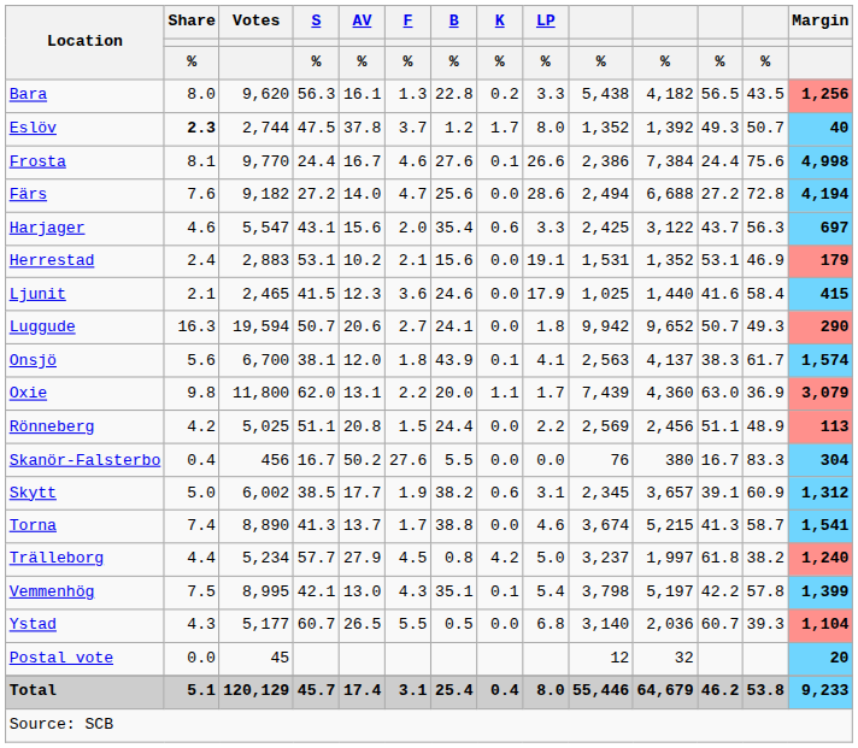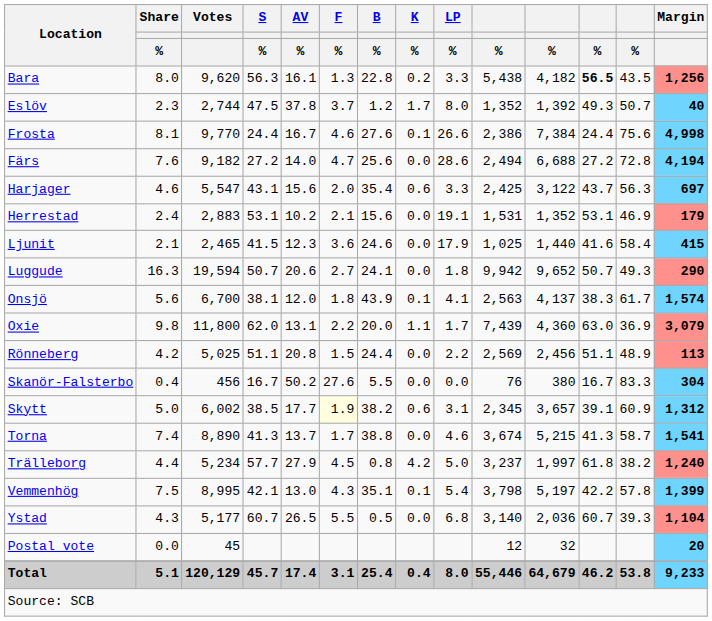 <table class="wikitable sortable" style="text-align:right; font-size:95%; line-height:20px;">
 <tr>
 <th rowspan="3">Location</th>
 <th>Share</th>
 <th>Votes</th>
 <th width="30px" class="unsortable"><a href='#'>S</a></th>
 <th width="30px" class="unsortable"><a href='#'>AV</a></th>
 <th width="30px" class="unsortable"><a href='#'>F</a></th>
 <th width="30px" class="unsortable"><a href='#'>B</a></th>
 <th width="30px" class="unsortable"><a href='#'>K</a></th>
 <th width="30px" class="unsortable"><a href='#'>LP</a></th>
 <th></th>
 <th></th>
 <th></th>
 <th></th>
 <th>Margin</th>
 </tr>
 <tr>
 <th></th>
 <th></th>
 <th style="background:"></th>
 <th style="background:"></th>
 <th style="background:"></th>
 <th style="background:"></th>
 <th style="background:"></th>
 <th style="background:"></th>
 <th style="background:"></th>
 <th style="background:"></th>
 <th style="background:"></th>
 <th style="background:"></th>
 <th></th>
 </tr>
 <tr>
 <th data-sort-type="number">%</th>
 <th></th>
 <th data-sort-type="number">%</th>
 <th data-sort-type="number">%</th>
 <th data-sort-type="number">%</th>
 <th data-sort-type="number">%</th>
 <th data-sort-type="number">%</th>
 <th data-sort-type="number">%</th>
 <th data-sort-type="number">%</th>
 <th data-sort-type="number">%</th>
 <th data-sort-type="number">%</th>
 <th data-sort-type="number">%</th>
 <th></th>
 </tr>
 <tr>
 <td align=left><a href='#'>Bara</a></td>
 <td>8.0</td>
 <td>9,620</td>
 <td>56.3</td>
 <td>16.1</td>
 <td>1.3</td>
 <td>22.8</td>
 <td>0.2</td>
 <td>3.3</td>
 <td>5,438</td>
 <td>4,182</td>
-<td>56.5</td>
+<td><strong>56.5</strong></td>
 <td>43.5</td>
 <td bgcolor=#ff908c><strong>1,256</strong></td>
 </tr>
 <tr>
 <td align=left><a href='#'>Eslöv</a></td>
-<td><strong>2.3</strong></td>
+<td>2.3</td>
 <td>2,744</td>
 <td>47.5</td>
 <td>37.8</td>
 <td>3.7</td>
 <td>1.2</td>
 <td>1.7</td>
 <td>8.0</td>
 <td>1,352</td>
 <td>1,392</td>
 <td>49.3</td>
 <td>50.7</td>
 <td bgcolor=#6fd5fe><strong>40</strong></td>
 </tr>
 <tr>
 <td align=left><a href='#'>Frosta</a></td>
 <td>8.1</td>
 <td>9,770</td>
 <td>24.4</td>
 <td>16.7</td>
 <td>4.6</td>
 <td>27.6</td>
 <td>0.1</td>
 <td>26.6</td>
 <td>2,386</td>
 <td>7,384</td>
 <td>24.4</td>
 <td>75.6</td>
 <td bgcolor=#6fd5fe><strong>4,998</strong></td>
 </tr>
 <tr>
 <td align=left><a href='#'>Färs</a></td>
 <td>7.6</td>
 <td>9,182</td>
 <td>27.2</td>
 <td>14.0</td>
 <td>4.7</td>
 <td>25.6</td>
 <td>0.0</td>
 <td>28.6</td>
 <td>2,494</td>
 <td>6,688</td>
 <td>27.2</td>
 <td>72.8</td>
 <td bgcolor=#6fd5fe><strong>4,194</strong></td>
 </tr>
 <tr>
 <td align=left><a href='#'>Harjager</a></td>
 <td>4.6</td>
 <td>5,547</td>
 <td>43.1</td>
 <td>15.6</td>
 <td>2.0</td>
 <td>35.4</td>
 <td>0.6</td>
 <td>3.3</td>
 <td>2,425</td>
 <td>3,122</td>
 <td>43.7</td>
 <td>56.3</td>
 <td bgcolor=#6fd5fe><strong>697</strong></td>
 </tr>
 <tr>
 <td align=left><a href='#'>Herrestad</a></td>
 <td>2.4</td>
 <td>2,883</td>
 <td>53.1</td>
 <td>10.2</td>
 <td>2.1</td>
 <td>15.6</td>
 <td>0.0</td>
 <td>19.1</td>
 <td>1,531</td>
 <td>1,352</td>
 <td>53.1</td>
 <td>46.9</td>
 <td bgcolor=#ff908c><strong>179</strong></td>
 </tr>
 <tr>
 <td align=left><a href='#'>Ljunit</a></td>
 <td>2.1</td>
 <td>2,465</td>
 <td>41.5</td>
 <td>12.3</td>
 <td>3.6</td>
 <td>24.6</td>
 <td>0.0</td>
 <td>17.9</td>
 <td>1,025</td>
 <td>1,440</td>
 <td>41.6</td>
 <td>58.4</td>
 <td bgcolor=#6fd5fe><strong>415</strong></td>
 </tr>
 <tr>
 <td align=left><a href='#'>Luggude</a></td>
 <td>16.3</td>
 <td>19,594</td>
 <td>50.7</td>
 <td>20.6</td>
 <td>2.7</td>
 <td>24.1</td>
 <td>0.0</td>
 <td>1.8</td>
 <td>9,942</td>
 <td>9,652</td>
 <td>50.7</td>
 <td>49.3</td>
 <td bgcolor=#ff908c><strong>290</strong></td>
 </tr>
 <tr>
 <td align=left><a href='#'>Onsjö</a></td>
 <td>5.6</td>
 <td>6,700</td>
 <td>38.1</td>
 <td>12.0</td>
 <td>1.8</td>
 <td>43.9</td>
 <td>0.1</td>
 <td>4.1</td>
 <td>2,563</td>
 <td>4,137</td>
 <td>38.3</td>
 <td>61.7</td>
 <td bgcolor=#6fd5fe><strong>1,574</strong></td>
 </tr>
 <tr>
 <td align=left><a href='#'>Oxie</a></td>
 <td>9.8</td>
 <td>11,800</td>
 <td>62.0</td>
 <td>13.1</td>
 <td>2.2</td>
 <td>20.0</td>
 <td>1.1</td>
 <td>1.7</td>
 <td>7,439</td>
 <td>4,360</td>
 <td>63.0</td>
 <td>36.9</td>
 <td bgcolor=#ff908c><strong>3,079</strong></td>
 </tr>
 <tr>
 <td align=left><a href='#'>Rönneberg</a></td>
 <td>4.2</td>
 <td>5,025</td>
 <td>51.1</td>
 <td>20.8</td>
 <td>1.5</td>
 <td>24.4</td>
 <td>0.0</td>
 <td>2.2</td>
 <td>2,569</td>
 <td>2,456</td>
 <td>51.1</td>
 <td>48.9</td>
 <td bgcolor=#ff908c><strong>113</strong></td>
 </tr>
 <tr>
 <td align=left><a href='#'>Skanör-Falsterbo</a></td>
 <td>0.4</td>
 <td>456</td>
 <td>16.7</td>
 <td>50.2</td>
 <td>27.6</td>
 <td>5.5</td>
 <td>0.0</td>
 <td>0.0</td>
 <td>76</td>
 <td>380</td>
 <td>16.7</td>
 <td>83.3</td>
 <td bgcolor=#6fd5fe><strong>304</strong></td>
 </tr>
 <tr>
 <td align=left><a href='#'>Skytt</a></td>
 <td>5.0</td>
 <td>6,002</td>
 <td>38.5</td>
 <td>17.7</td>
-<td>1.9</td>
+<td style="background: lightyellow;">1.9</td>
 <td>38.2</td>
 <td>0.6</td>
 <td>3.1</td>
 <td>2,345</td>
 <td>3,657</td>
 <td>39.1</td>
 <td>60.9</td>
 <td bgcolor=#6fd5fe><strong>1,312</strong></td>
 </tr>
 <tr>
 <td align=left><a href='#'>Torna</a></td>
 <td>7.4</td>
 <td>8,890</td>
 <td>41.3</td>
 <td>13.7</td>
 <td>1.7</td>
 <td>38.8</td>
 <td>0.0</td>
 <td>4.6</td>
 <td>3,674</td>
 <td>5,215</td>
 <td>41.3</td>
 <td>58.7</td>
 <td bgcolor=#6fd5fe><strong>1,541</strong></td>
 </tr>
 <tr>
 <td align=left><a href='#'>Trälleborg</a></td>
 <td>4.4</td>
 <td>5,234</td>
 <td>57.7</td>
 <td>27.9</td>
 <td>4.5</td>
 <td>0.8</td>
 <td>4.2</td>
 <td>5.0</td>
 <td>3,237</td>
 <td>1,997</td>
 <td>61.8</td>
 <td>38.2</td>
 <td bgcolor=#ff908c><strong>1,240</strong></td>
 </tr>
 <tr>
 <td align=left><a href='#'>Vemmenhög</a></td>
 <td>7.5</td>
 <td>8,995</td>
 <td>42.1</td>
 <td>13.0</td>
 <td>4.3</td>
 <td>35.1</td>
 <td>0.1</td>
 <td>5.4</td>
 <td>3,798</td>
 <td>5,197</td>
 <td>42.2</td>
 <td>57.8</td>
 <td bgcolor=#6fd5fe><strong>1,399</strong></td>
 </tr>
 <tr>
 <td align=left><a href='#'>Ystad</a></td>
 <td>4.3</td>
 <td>5,177</td>
 <td>60.7</td>
 <td>26.5</td>
 <td>5.5</td>
 <td>0.5</td>
 <td>0.0</td>
 <td>6.8</td>
 <td>3,140</td>
 <td>2,036</td>
 <td>60.7</td>
 <td>39.3</td>
 <td bgcolor=#ff908c><strong>1,104</strong></td>
 </tr>
 <tr>
 <td align=left><a href='#'>Postal vote</a></td>
 <td>0.0</td>
 <td>45</td>
 <td></td>
 <td></td>
 <td></td>
 <td></td>
 <td></td>
 <td></td>
 <td>12</td>
 <td>32</td>
 <td></td>
 <td></td>
 <td bgcolor=#6fd5fe><strong>20</strong></td>
 </tr>
 <tr>
 </tr>
 <tr style="background:#CDCDCD;">
 <td align=left><strong>Total</strong></td>
 <td><strong>5.1</strong></td>
 <td><strong>120,129</strong></td>
 <td><strong>45.7</strong></td>
 <td><strong>17.4</strong></td>
 <td><strong>3.1</strong></td>
 <td><strong>25.4</strong></td>
 <td><strong>0.4</strong></td>
 <td><strong>8.0</strong></td>
 <td><strong>55,446</strong></td>
 <td><strong>64,679</strong></td>
 <td><strong>46.2</strong></td>
 <td><strong>53.8</strong></td>
 <td bgcolor=#6fd5fe><strong>9,233</strong></td>
 </tr>
 <tr>
 <td align=left colspan=14>Source: SCB </td>
 </tr>
 </table>
